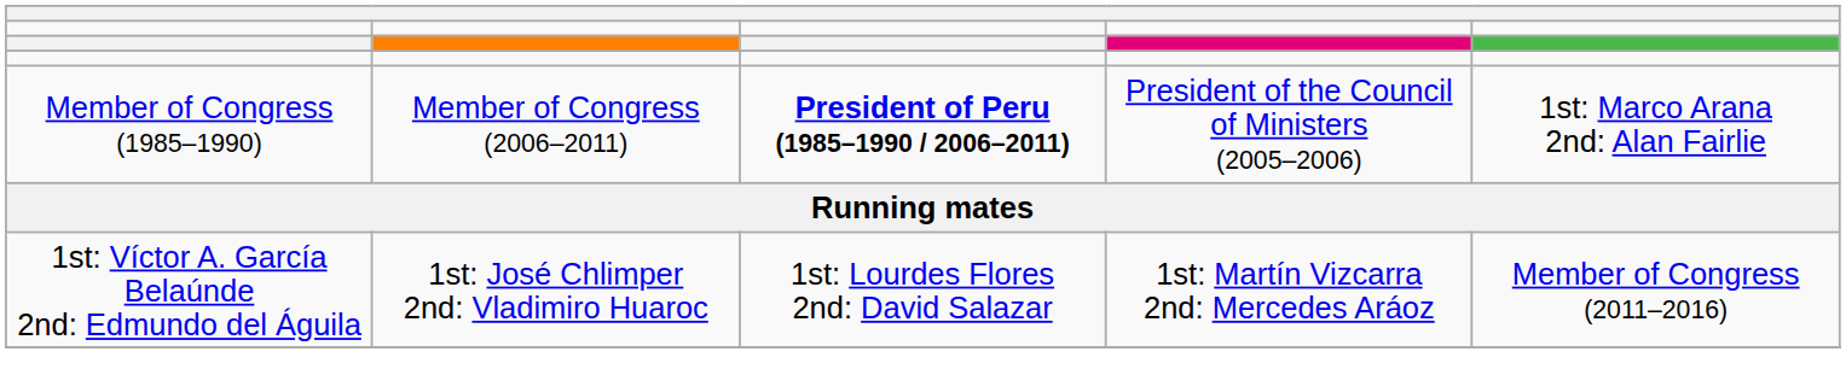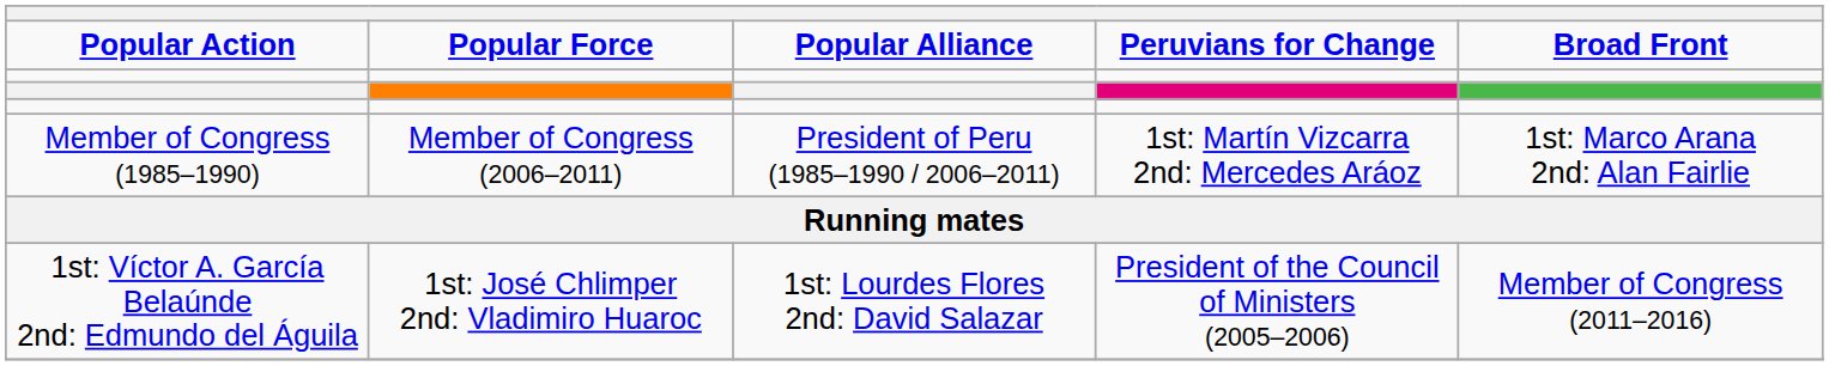 <table class="wikitable" style="font-size:90%; text-align:center;">
 <tr>
 <td colspan="5" style="background:#f1f1f1; width:850px;"></td>
+</tr>
+<tr>
+<td><strong><a href='#'>Popular Action</a></strong></td>
+<td><strong><a href='#'>Popular Force</a></strong></td>
+<td><strong><a href='#'>Popular Alliance</a></strong></td>
+<td><strong><a href='#'>Peruvians for Change</a></strong></td>
+<td><strong><a href='#'>Broad Front</a></strong></td>
 </tr>
 <tr>
 <td></td>
 <td></td>
 <td></td>
 <td></td>
 <td></td>
 </tr>
 <tr>
 <th style="width:160px; font-size:120%; background:"><a href='#'></a></th>
 <th style="width:160px; font-size:120%; background:#FF8000;"><a href='#'></a></th>
 <th style="width:160px; font-size:120%; background:"><a href='#'></a></th>
 <th style="width:160px; font-size:120%; background:#E2007A;"><a href='#'></a></th>
 <th style="width:160px; font-size:120%; background:#49b848;"><a href='#'></a></th>
 </tr>
 <tr>
 <td></td>
 <td></td>
 <td></td>
 <td></td>
 <td></td>
 </tr>
 <tr>
 <td><a href='#'>Member of Congress</a><br><small>(1985–1990)</small></td>
 <td><a href='#'>Member of Congress</a><br><small>(2006–2011)</small></td>
-<td><strong><a href='#'>President of Peru</a><br><small>(1985–1990 / 2006–2011)</small></strong></td>
-<td><a href='#'>President of the Council of Ministers</a><br><small>(2005–2006)</small></td>
+<td><a href='#'>President of Peru</a><br><small>(1985–1990 / 2006–2011)</small></td>
+<td>1st: <a href='#'>Martín Vizcarra</a><br>2nd: <a href='#'>Mercedes Aráoz</a></td>
 <td>1st: <a href='#'>Marco Arana</a><br>2nd: <a href='#'>Alan Fairlie</a></td>
 </tr>
 <tr>
 <td colspan="5" style="background:#f1f1f1; width:850px;"><strong>Running mates</strong></td>
 </tr>
 <tr>
 <td>1st: <a href='#'>Víctor A. García Belaúnde</a><br>2nd: <a href='#'>Edmundo del Águila</a></td>
 <td>1st: <a href='#'>José Chlimper</a><br>2nd: <a href='#'>Vladimiro Huaroc</a></td>
 <td>1st: <a href='#'>Lourdes Flores</a><br>2nd: <a href='#'>David Salazar</a></td>
-<td>1st: <a href='#'>Martín Vizcarra</a><br>2nd: <a href='#'>Mercedes Aráoz</a></td>
+<td><a href='#'>President of the Council of Ministers</a><br><small>(2005–2006)</small></td>
 <td><a href='#'>Member of Congress</a><br><small>(2011–2016)</small></td>
 </tr>
 <tr>
 </tr>
 </table>
